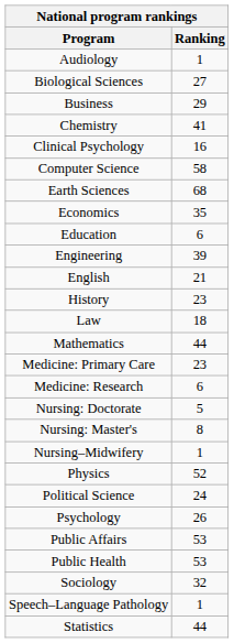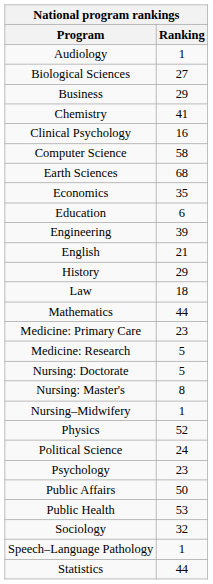 <table class="wikitable sortable collapsible collapsed" style="float:right; text-align:center">
 <tr>
 <th colspan=4>National program rankings</th>
 </tr>
 <tr>
 <th>Program</th>
 <th>Ranking</th>
 </tr>
 <tr>
 <td>Audiology</td>
 <td>1</td>
 </tr>
 <tr>
 <td>Biological Sciences</td>
 <td>27</td>
 </tr>
 <tr>
 <td>Business</td>
 <td>29</td>
 </tr>
 <tr>
 <td>Chemistry</td>
 <td>41</td>
 </tr>
 <tr>
 <td>Clinical Psychology</td>
 <td>16</td>
 </tr>
 <tr>
 <td>Computer Science</td>
 <td>58</td>
 </tr>
 <tr>
 <td>Earth Sciences</td>
 <td>68</td>
 </tr>
 <tr>
 <td>Economics</td>
 <td>35</td>
 </tr>
 <tr>
 <td>Education</td>
 <td>6</td>
 </tr>
 <tr>
 <td>Engineering</td>
 <td>39</td>
 </tr>
 <tr>
 <td>English</td>
 <td>21</td>
 </tr>
 <tr>
 <td>History</td>
-<td>23</td>
+<td>29</td>
 </tr>
 <tr>
 <td>Law</td>
 <td>18</td>
 </tr>
 <tr>
 <td>Mathematics</td>
 <td>44</td>
 </tr>
 <tr>
 <td>Medicine: Primary Care</td>
 <td>23</td>
 </tr>
 <tr>
 <td>Medicine: Research</td>
-<td>6</td>
+<td>5</td>
 </tr>
 <tr>
 <td>Nursing: Doctorate</td>
 <td>5</td>
 </tr>
 <tr>
 <td>Nursing: Master's</td>
 <td>8</td>
 </tr>
 <tr>
 <td>Nursing–Midwifery</td>
 <td>1</td>
 </tr>
 <tr>
 <td>Physics</td>
 <td>52</td>
 </tr>
 <tr>
 <td>Political Science</td>
 <td>24</td>
 </tr>
 <tr>
 <td>Psychology</td>
-<td>26</td>
+<td>23</td>
 </tr>
 <tr>
 <td>Public Affairs</td>
-<td>53</td>
+<td>50</td>
 </tr>
 <tr>
 <td>Public Health</td>
 <td>53</td>
 </tr>
 <tr>
 <td>Sociology</td>
 <td>32</td>
 </tr>
 <tr>
 <td>Speech–Language Pathology</td>
 <td>1</td>
 </tr>
 <tr>
 <td>Statistics</td>
 <td>44</td>
 </tr>
 </table>
